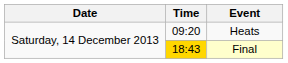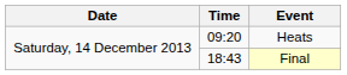 <table class = "wikitable" style="text-align:center;">
 <tr>
 <th width=220>Date</th>
 <th width=50>Time</th>
 <th width=100>Event</th>
 </tr>
 <tr>
 <td rowspan=2>Saturday, 14 December 2013</td>
 <td>09:20</td>
 <td>Heats</td>
 </tr>
 <tr>
-<td style="background: gold;">18:43</td>
+<td>18:43</td>
 <td bgcolor=ffffcc>Final</td>
 </tr>
 </table>
